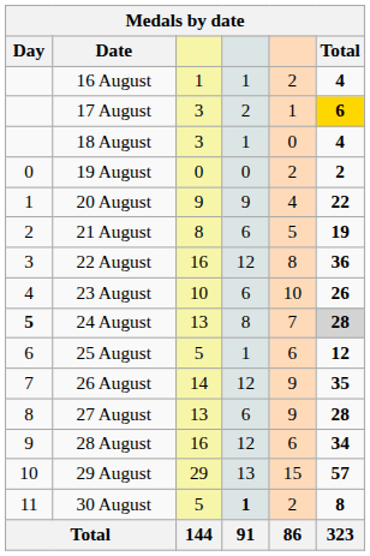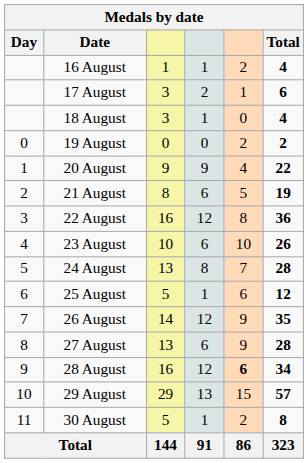 <table class="wikitable sortable" style="font-size:90%; text-align:center;">
 <tr style="background:#efefef;">
 <th colspan=6>Medals by date</th>
 </tr>
 <tr>
 <th width=30>Day</th>
 <th width=90>Date</th>
 <th width=30 style="background:#F7F6A8;"></th>
 <th width=30 style="background:#DCE5E5;"></th>
 <th width=30 style="background:#FFDAB9;"></th>
 <th width=30>Total</th>
 </tr>
 <tr>
 <td></td>
 <td>16 August</td>
 <td style="background:#F7F6A8;">1</td>
 <td style="background:#DCE5E5;">1</td>
 <td style="background:#FFDAB9;">2</td>
 <td><strong>4</strong></td>
 </tr>
 <tr>
 <td></td>
 <td>17 August</td>
 <td style="background:#F7F6A8;">3</td>
 <td style="background:#DCE5E5;">2</td>
 <td style="background:#FFDAB9;">1</td>
-<td style="background: gold;"><strong>6</strong></td>
+<td><strong>6</strong></td>
 </tr>
 <tr>
 <td></td>
 <td>18 August</td>
 <td style="background:#F7F6A8;">3</td>
 <td style="background:#DCE5E5;">1</td>
 <td style="background:#FFDAB9;">0</td>
 <td><strong>4</strong></td>
 </tr>
 <tr>
 <td>0</td>
 <td>19 August</td>
 <td style="background:#F7F6A8;">0</td>
 <td style="background:#DCE5E5;">0</td>
 <td style="background:#FFDAB9;">2</td>
 <td><strong>2</strong></td>
 </tr>
 <tr>
 <td>1</td>
 <td>20 August</td>
 <td style="background:#F7F6A8;">9</td>
 <td style="background:#DCE5E5;">9</td>
 <td style="background:#FFDAB9;">4</td>
 <td><strong>22</strong></td>
 </tr>
 <tr>
 <td>2</td>
 <td>21 August</td>
 <td style="background:#F7F6A8;">8</td>
 <td style="background:#DCE5E5;">6</td>
 <td style="background:#FFDAB9;">5</td>
 <td><strong>19</strong></td>
 </tr>
 <tr>
 <td>3</td>
 <td>22 August</td>
 <td style="background:#F7F6A8;">16</td>
 <td style="background:#DCE5E5;">12</td>
 <td style="background:#FFDAB9;">8</td>
 <td><strong>36</strong></td>
 </tr>
 <tr>
 <td>4</td>
 <td>23 August</td>
 <td style="background:#F7F6A8;">10</td>
 <td style="background:#DCE5E5;">6</td>
 <td style="background:#FFDAB9;">10</td>
 <td><strong>26</strong></td>
 </tr>
 <tr>
-<td><strong>5</strong></td>
+<td>5</td>
 <td>24 August</td>
 <td style="background:#F7F6A8;">13</td>
 <td style="background:#DCE5E5;">8</td>
 <td style="background:#FFDAB9;">7</td>
-<td style="background: lightgrey;"><strong>28</strong></td>
+<td><strong>28</strong></td>
 </tr>
 <tr>
 <td>6</td>
 <td>25 August</td>
 <td style="background:#F7F6A8;">5</td>
 <td style="background:#DCE5E5;">1</td>
 <td style="background:#FFDAB9;">6</td>
 <td><strong>12</strong></td>
 </tr>
 <tr>
 <td>7</td>
 <td>26 August</td>
 <td style="background:#F7F6A8;">14</td>
 <td style="background:#DCE5E5;">12</td>
 <td style="background:#FFDAB9;">9</td>
 <td><strong>35</strong></td>
 </tr>
 <tr>
 <td>8</td>
 <td>27 August</td>
 <td style="background:#F7F6A8;">13</td>
 <td style="background:#DCE5E5;">6</td>
 <td style="background:#FFDAB9;">9</td>
 <td><strong>28</strong></td>
 </tr>
 <tr>
 <td>9</td>
 <td>28 August</td>
 <td style="background:#F7F6A8;">16</td>
 <td style="background:#DCE5E5;">12</td>
-<td style="background:#FFDAB9;">6</td>
+<td style="background:#FFDAB9;"><strong>6</strong></td>
 <td><strong>34</strong></td>
 </tr>
 <tr>
 <td>10</td>
 <td>29 August</td>
 <td style="background:#F7F6A8;">29</td>
 <td style="background:#DCE5E5;">13</td>
 <td style="background:#FFDAB9;">15</td>
 <td><strong>57</strong></td>
 </tr>
 <tr>
 <td>11</td>
 <td>30 August</td>
 <td style="background:#F7F6A8;">5</td>
-<td style="background:#DCE5E5;"><strong>1</strong></td>
+<td style="background:#DCE5E5;">1</td>
 <td style="background:#FFDAB9;">2</td>
 <td><strong>8</strong></td>
 </tr>
 <tr>
 <th colspan="2">Total</th>
 <th>144</th>
 <th>91</th>
 <th>86</th>
 <th>323</th>
 </tr>
 </table>
